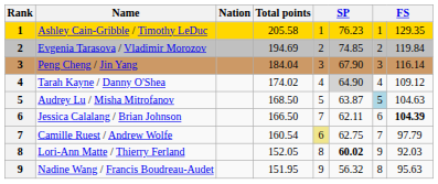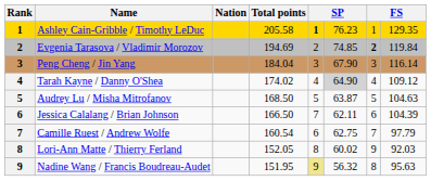 <table class="wikitable sortable">
 <tr>
 <th>Rank</th>
 <th>Name</th>
 <th>Nation</th>
 <th>Total points</th>
 <th colspan="2" width="80px"><a href='#'>SP</a></th>
 <th colspan="2" width="80px"><a href='#'>FS</a></th>
 </tr>
 <tr bgcolor="gold">
 <td align="center"><strong>1</strong></td>
 <td><a href='#'>Ashley Cain-Gribble</a> / <a href='#'>Timothy LeDuc</a></td>
 <td></td>
 <td align="center">205.58</td>
-<td align="center">1</td>
+<td align="center"><strong>1</strong></td>
 <td align="center">76.23</td>
 <td align="center">1</td>
 <td align="center">129.35</td>
 </tr>
 <tr bgcolor="silver">
 <td align="center"><strong>2</strong></td>
 <td><a href='#'>Evgenia Tarasova</a> / <a href='#'>Vladimir Morozov</a></td>
 <td></td>
 <td align="center">194.69</td>
 <td align="center">2</td>
 <td align="center">74.85</td>
-<td align="center">2</td>
+<td align="center"><strong>2</strong></td>
 <td align="center">119.84</td>
 </tr>
 <tr bgcolor="cc9966">
 <td align="center"><strong>3</strong></td>
 <td><a href='#'>Peng Cheng</a> / <a href='#'>Jin Yang</a></td>
 <td></td>
 <td align="center">184.04</td>
 <td align="center">3</td>
 <td align="center">67.90</td>
 <td align="center">3</td>
 <td align="center">116.14</td>
 </tr>
 <tr>
 <th>4</th>
 <td><a href='#'>Tarah Kayne</a> / <a href='#'>Danny O'Shea</a></td>
 <td></td>
 <td align="center">174.02</td>
 <td align="center">4</td>
 <td align="center" style="background: lightgrey;">64.90</td>
 <td align="center">4</td>
 <td align="center">109.12</td>
 </tr>
 <tr>
 <th>5</th>
 <td><a href='#'>Audrey Lu</a> / <a href='#'>Misha Mitrofanov</a></td>
 <td></td>
 <td align="center">168.50</td>
 <td align="center">5</td>
 <td align="center">63.87</td>
-<td align="center" style="background: lightblue;">5</td>
+<td align="center">5</td>
 <td align="center">104.63</td>
 </tr>
 <tr>
 <th>6</th>
 <td><a href='#'>Jessica Calalang</a> / <a href='#'>Brian Johnson</a></td>
 <td></td>
 <td align="center">166.50</td>
 <td align="center">7</td>
 <td align="center">62.11</td>
 <td align="center">6</td>
-<td align="center"><strong>104.39</strong></td>
+<td align="center">104.39</td>
 </tr>
 <tr>
 <th>7</th>
 <td><a href='#'>Camille Ruest</a> / <a href='#'>Andrew Wolfe</a></td>
 <td></td>
 <td align="center">160.54</td>
-<td align="center" style="background: khaki;">6</td>
+<td align="center">6</td>
 <td align="center">62.75</td>
 <td align="center">7</td>
 <td align="center">97.79</td>
 </tr>
 <tr>
 <th>8</th>
 <td><a href='#'>Lori-Ann Matte</a> / <a href='#'>Thierry Ferland</a></td>
 <td></td>
 <td align="center">152.05</td>
 <td align="center">8</td>
-<td align="center"><strong>60.02</strong></td>
+<td align="center">60.02</td>
 <td align="center">9</td>
 <td align="center">92.03</td>
 </tr>
 <tr>
 <th>9</th>
 <td><a href='#'>Nadine Wang</a> / <a href='#'>Francis Boudreau-Audet</a></td>
 <td></td>
 <td align="center">151.95</td>
-<td align="center">9</td>
+<td align="center" style="background: khaki;">9</td>
 <td align="center">56.32</td>
 <td align="center">8</td>
 <td align="center">95.63</td>
 </tr>
 </table>
